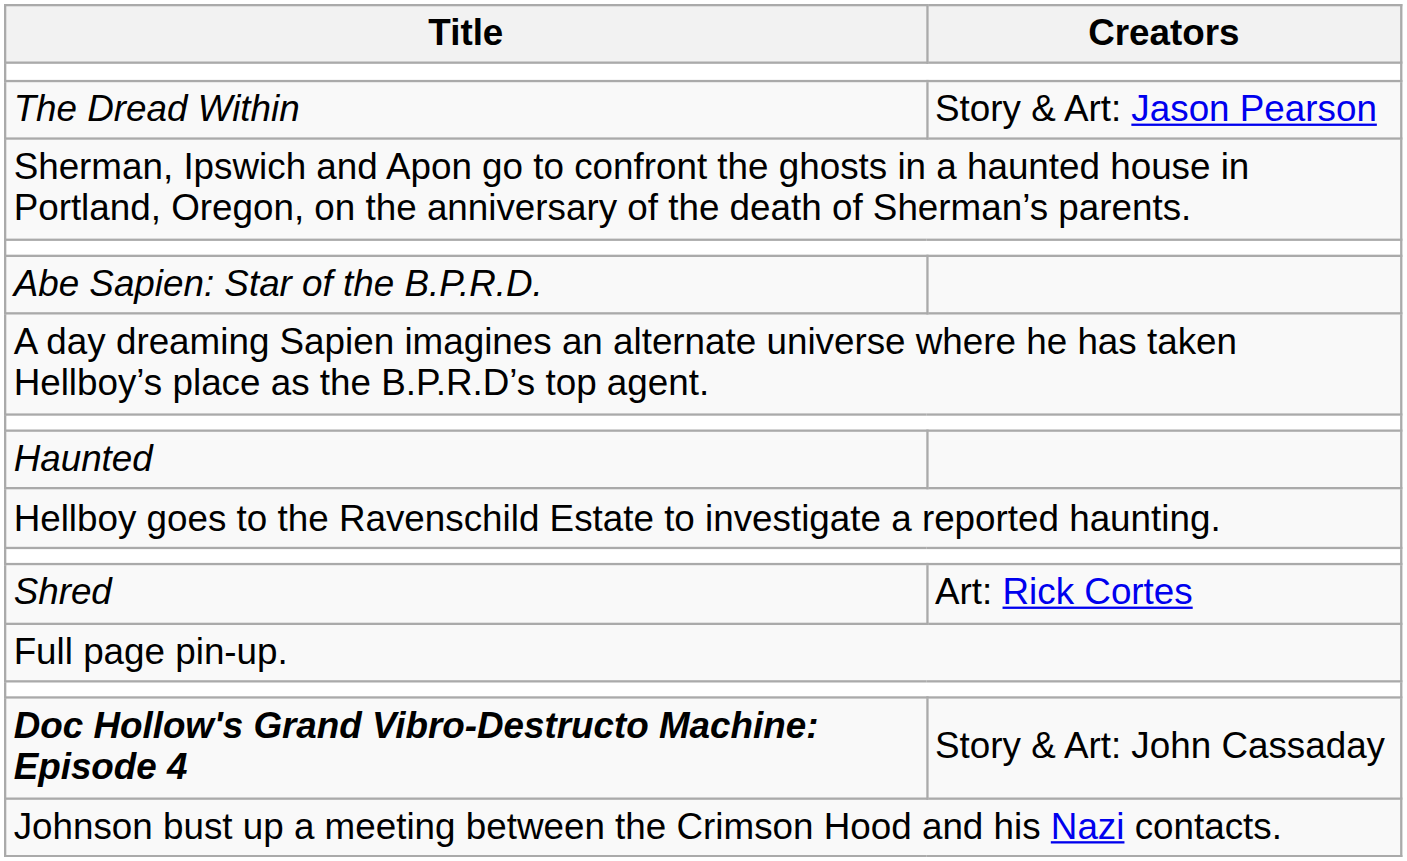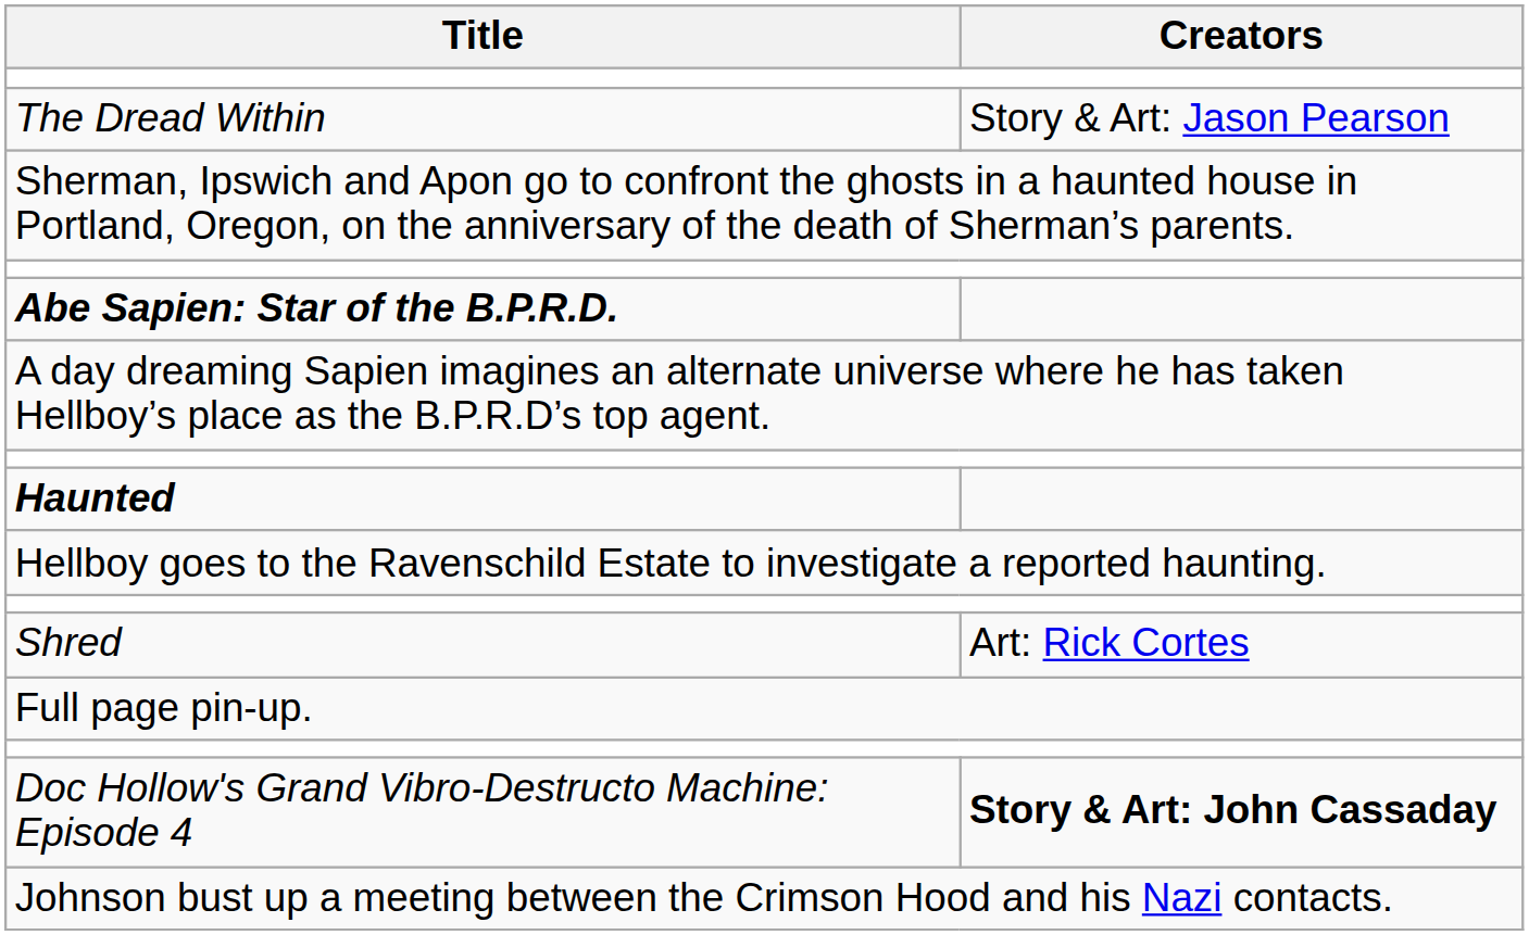 <table class="wikitable">
 <tr>
 <th>Title</th>
 <th>Creators</th>
 </tr>
 <tr>
 <td colspan="6" bgcolor="#FFFFFF"></td>
 </tr>
 <tr>
 <td><em>The Dread Within</em></td>
 <td>Story & Art: <a href='#'>Jason Pearson</a></td>
 </tr>
 <tr>
 <td colspan="6">Sherman, Ipswich and Apon go to confront the ghosts in a haunted house in Portland, Oregon, on the anniversary of the death of Sherman’s parents.</td>
 </tr>
 <tr>
 <td colspan="6" bgcolor="#FFFFFF"></td>
 </tr>
 <tr>
-<td><em>Abe Sapien: Star of the B.P.R.D.</em></td>
+<td><strong><em>Abe Sapien: Star of the B.P.R.D.</em></strong></td>
 <td></td>
 </tr>
 <tr>
 <td colspan="6">A day dreaming Sapien imagines an alternate universe where he has taken Hellboy’s place as the B.P.R.D’s top agent.</td>
 </tr>
 <tr>
 <td colspan="6" bgcolor="#FFFFFF"></td>
 </tr>
 <tr>
-<td><em>Haunted</em></td>
+<td><strong><em>Haunted</em></strong></td>
 <td></td>
 </tr>
 <tr>
 <td colspan="6">Hellboy goes to the Ravenschild Estate to investigate a reported haunting.</td>
 </tr>
 <tr>
 <td colspan="6" bgcolor="#FFFFFF"></td>
 </tr>
 <tr>
 <td><em>Shred</em></td>
 <td>Art: <a href='#'>Rick Cortes</a></td>
 </tr>
 <tr>
 <td colspan="6">Full page pin-up.</td>
 </tr>
 <tr>
 <td colspan="6" bgcolor="#FFFFFF"></td>
 </tr>
 <tr>
-<td><strong><em>Doc Hollow's Grand Vibro-Destructo Machine: Episode 4</em></strong></td>
-<td>Story & Art: John Cassaday</td>
+<td><em>Doc Hollow's Grand Vibro-Destructo Machine: Episode 4</em></td>
+<td><strong>Story & Art: John Cassaday</strong></td>
 </tr>
 <tr>
 <td colspan="6">Johnson bust up a meeting between the Crimson Hood and his <a href='#'>Nazi</a> contacts.</td>
 </tr>
 </table>
